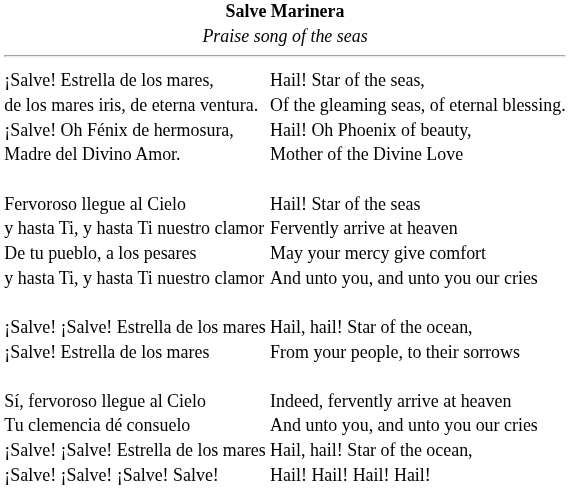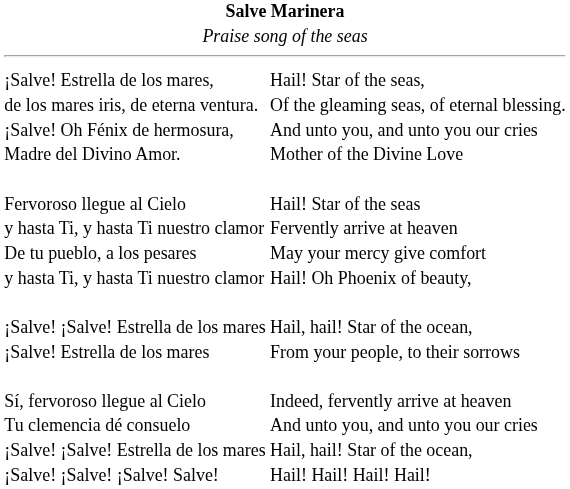 <table cellpadding=1 style="background:transparent;">
 <tr>
 <td align="center" colspan="2"><strong>Salve Marinera</strong><br></td>
 </tr>
 <tr>
 <td align="center" colspan="2"><em>Praise song of the seas</em><br><hr></td>
 </tr>
 <tr>
 <td>¡Salve! Estrella de los mares,</td>
 <td>Hail! Star of the seas,</td>
 </tr>
 <tr>
 <td>de los mares iris, de eterna ventura.</td>
 <td>Of the gleaming seas, of eternal blessing.</td>
 </tr>
 <tr>
 <td>¡Salve! Oh Fénix de hermosura,</td>
-<td>Hail! Oh Phoenix of beauty,</td>
+<td>And unto you, and unto you our cries</td>
 </tr>
 <tr>
 <td>Madre del Divino Amor.</td>
 <td>Mother of the Divine Love</td>
 </tr>
 <tr>
 <td> </td>
 <td></td>
 </tr>
 <tr>
 <td>Fervoroso llegue al Cielo</td>
 <td>Hail! Star of the seas</td>
 </tr>
 <tr>
 <td>y hasta Ti, y hasta Ti nuestro clamor</td>
 <td>Fervently arrive at heaven</td>
 </tr>
 <tr>
 <td>De tu pueblo, a los pesares</td>
 <td>May your mercy give comfort</td>
 </tr>
 <tr>
 <td>y hasta Ti, y hasta Ti nuestro clamor</td>
-<td>And unto you, and unto you our cries</td>
+<td>Hail! Oh Phoenix of beauty,</td>
 </tr>
 <tr>
 <td> </td>
 <td></td>
 </tr>
 <tr>
 <td>¡Salve! ¡Salve! Estrella de los mares</td>
 <td>Hail, hail! Star of the ocean,</td>
 </tr>
 <tr>
 <td>¡Salve! Estrella de los mares</td>
 <td>From your people, to their sorrows</td>
 </tr>
 <tr>
 <td> </td>
 <td></td>
 </tr>
 <tr>
 <td>Sí, fervoroso llegue al Cielo</td>
 <td>Indeed, fervently arrive at heaven</td>
 </tr>
 <tr>
 <td>Tu clemencia dé consuelo</td>
 <td>And unto you, and unto you our cries</td>
 </tr>
 <tr>
 <td>¡Salve! ¡Salve! Estrella de los mares</td>
 <td>Hail, hail! Star of the ocean,</td>
 </tr>
 <tr>
 <td>¡Salve! ¡Salve! ¡Salve! Salve!</td>
 <td>Hail! Hail! Hail! Hail!</td>
 </tr>
 <tr>
 </tr>
 </table>
